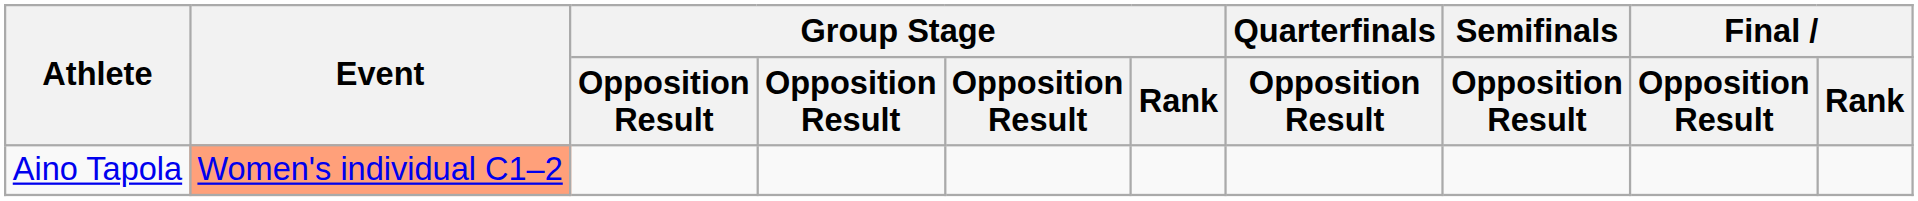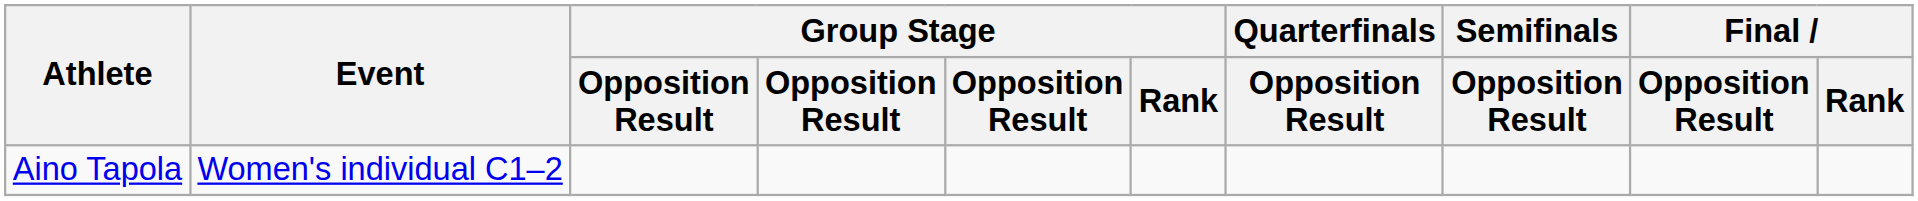 <table class=wikitable style="font-size:90%">
 <tr align=center>
 <th rowspan="2">Athlete</th>
 <th rowspan="2">Event</th>
 <th colspan="4">Group Stage</th>
 <th>Quarterfinals</th>
 <th>Semifinals</th>
 <th colspan="2">Final / </th>
 </tr>
 <tr>
 <th>Opposition<br>Result</th>
 <th>Opposition<br>Result</th>
 <th>Opposition<br>Result</th>
 <th>Rank</th>
 <th>Opposition<br>Result</th>
 <th>Opposition<br>Result</th>
 <th>Opposition<br>Result</th>
 <th>Rank</th>
 </tr>
 <tr align=center>
 <td align=left><a href='#'>Aino Tapola</a></td>
-<td align=left style="background: lightsalmon;"><a href='#'>Women's individual C1–2</a></td>
+<td align=left><a href='#'>Women's individual C1–2</a></td>
 <td></td>
 <td></td>
 <td></td>
 <td></td>
 <td></td>
 <td></td>
 <td></td>
 <td></td>
 </tr>
 </table>
